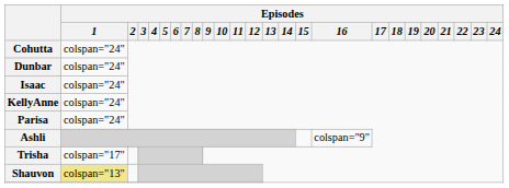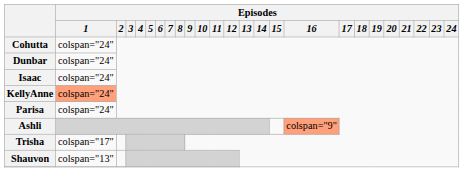 <table class="wikitable" style="text-align:center; width:40%;">
 <tr>
 <th scope="col" rowspan="2" style="width:18%;"></th>
 <th scope="colgroup" colspan="24" style="text-align:center;">Episodes</th>
 </tr>
 <tr>
 <th scope="col" style="width:8%;"><em>1</em></th>
 <th scope="col" style="width:8%;"><em>2</em></th>
 <th scope="col" style="width:8%;"><em>3</em></th>
 <th scope="col" style="width:8%;"><em>4</em></th>
 <th scope="col" style="width:8%;"><em>5</em></th>
 <th scope="col" style="width:8%;"><em>6</em></th>
 <th scope="col" style="width:8%;"><em>7</em></th>
 <th scope="col" style="width:8%;"><em>8</em></th>
 <th scope="col" style="width:8%;"><em>9</em></th>
 <th scope="col" style="width:8%;"><em>10</em></th>
 <th scope="col" style="width:8%;"><em>11</em></th>
 <th scope="col" style="width:8%;"><em>12</em></th>
 <th scope="col" style="width:8%;"><em>13</em></th>
 <th scope="col" style="width:8%;"><em>14</em></th>
 <th scope="col" style="width:8%;"><em>15</em></th>
 <th scope="col" style="width:8%;"><em>16</em></th>
 <th scope="col" style="width:8%;"><em>17</em></th>
 <th scope="col" style="width:8%;"><em>18</em></th>
 <th scope="col" style="width:8%;"><em>19</em></th>
 <th scope="col" style="width:8%;"><em>20</em></th>
 <th scope="col" style="width:8%;"><em>21</em></th>
 <th scope="col" style="width:8%;"><em>22</em></th>
 <th scope="col" style="width:8%;"><em>23</em></th>
 <th scope="col" style="width:8%;"><em>24</em></th>
 </tr>
 <tr>
 <th scope="row">Cohutta</th>
 <td>colspan="24" </td>
 </tr>
 <tr>
 <th scope="row">Dunbar</th>
 <td>colspan="24" </td>
 </tr>
 <tr>
 <th scope="row">Isaac</th>
 <td>colspan="24" </td>
 </tr>
 <tr>
 <th scope="row">KellyAnne</th>
-<td>colspan="24" </td>
+<td style="background: lightsalmon;">colspan="24" </td>
 </tr>
 <tr>
 <th scope="row">Parisa</th>
 <td>colspan="24" </td>
 </tr>
 <tr>
 <th scope="row">Ashli</th>
 <td style="background:lightgrey;" colspan="14"></td>
 <td></td>
-<td>colspan="9" </td>
+<td style="background: lightsalmon;">colspan="9" </td>
 </tr>
 <tr>
 <th scope="row">Trisha</th>
 <td>colspan="17" </td>
 <td></td>
 <td style="background:lightgrey;" colspan="6"></td>
 </tr>
 <tr>
 <th scope="row">Shauvon</th>
-<td style="background: khaki;">colspan="13" </td>
+<td>colspan="13" </td>
 <td></td>
 <td colspan="10" style="background:lightgrey;"></td>
 </tr>
 <tr>
 </tr>
 </table>
